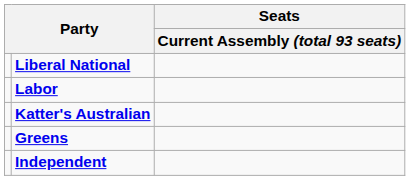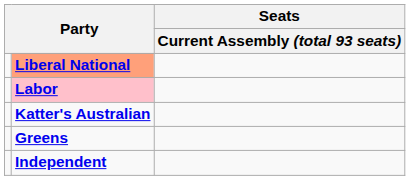 <table class="wikitable">
 <tr>
 <th colspan=2 rowspan=2>Party</th>
 <th colspan=2>Seats</th>
 </tr>
 <tr>
 <th colspan="2">Current Assembly <em>(total 93 seats)</em></th>
 </tr>
 <tr style="font-weight:bold">
 <td></td>
-<td><a href='#'>Liberal National</a></td>
+<td style="background: lightsalmon;"><a href='#'>Liberal National</a></td>
 <td></td>
 </tr>
 <tr style="font-weight:bold">
 <td></td>
-<td><a href='#'>Labor</a></td>
+<td style="background: pink;"><a href='#'>Labor</a></td>
 <td></td>
 </tr>
 <tr style="font-weight:bold">
 <td></td>
 <td><a href='#'>Katter's Australian</a></td>
 <td></td>
 </tr>
 <tr style="font-weight:bold">
 <td></td>
 <td><a href='#'>Greens</a></td>
 <td></td>
 </tr>
 <tr style="font-weight:bold">
 <td></td>
 <td><a href='#'>Independent</a></td>
 <td></td>
 </tr>
 </table>
